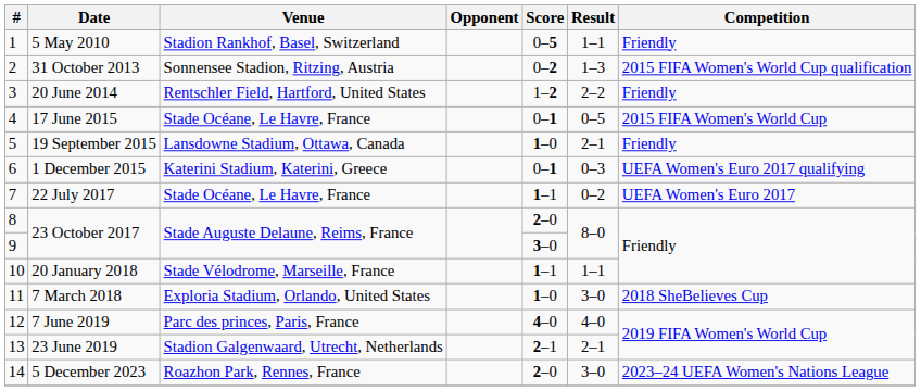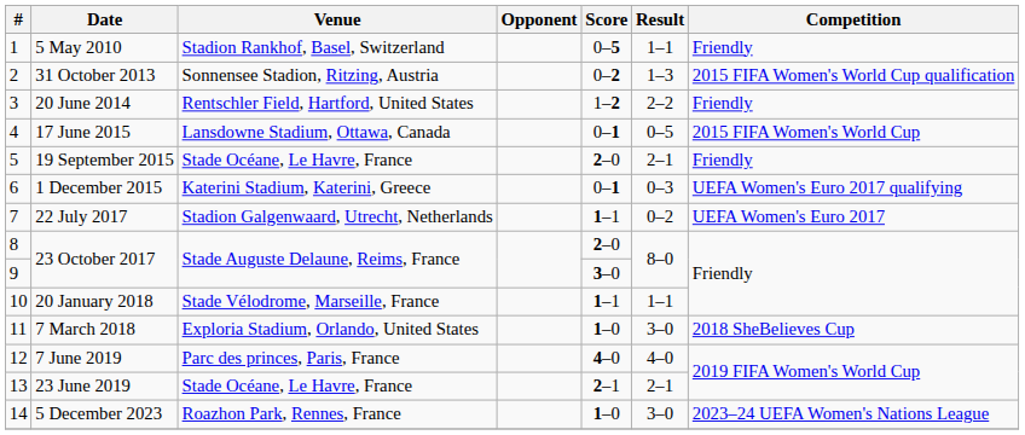 <table class="wikitable">
 <tr>
 <th>#</th>
 <th>Date</th>
 <th>Venue</th>
 <th>Opponent</th>
 <th>Score</th>
 <th>Result</th>
 <th>Competition</th>
 </tr>
 <tr>
 <td>1</td>
 <td>5 May 2010</td>
 <td><a href='#'>Stadion Rankhof</a>, <a href='#'>Basel</a>, Switzerland</td>
 <td></td>
 <td align="center">0–<strong>5</strong></td>
 <td align=center>1–1</td>
 <td><a href='#'>Friendly</a></td>
 </tr>
 <tr>
 <td>2</td>
 <td>31 October 2013</td>
 <td>Sonnensee Stadion, <a href='#'>Ritzing</a>, Austria</td>
 <td></td>
 <td align="center">0–<strong>2</strong></td>
 <td align="center">1–3</td>
 <td><a href='#'>2015 FIFA Women's World Cup qualification</a></td>
 </tr>
 <tr>
 <td>3</td>
 <td>20 June 2014</td>
 <td><a href='#'>Rentschler Field</a>, <a href='#'>Hartford</a>, United States</td>
 <td></td>
 <td align="center">1–<strong>2</strong></td>
 <td align="center">2–2</td>
 <td><a href='#'>Friendly</a></td>
 </tr>
 <tr>
 <td>4</td>
 <td>17 June 2015</td>
-<td><a href='#'>Stade Océane</a>, <a href='#'>Le Havre</a>, France</td>
+<td><a href='#'>Lansdowne Stadium</a>, <a href='#'>Ottawa</a>, Canada</td>
 <td></td>
 <td align="center">0–<strong>1</strong></td>
 <td align="center">0–5</td>
 <td><a href='#'>2015 FIFA Women's World Cup</a></td>
 </tr>
 <tr>
 <td>5</td>
 <td>19 September 2015</td>
-<td><a href='#'>Lansdowne Stadium</a>, <a href='#'>Ottawa</a>, Canada</td>
+<td><a href='#'>Stade Océane</a>, <a href='#'>Le Havre</a>, France</td>
 <td></td>
-<td align=center><strong>1</strong>–0</td>
+<td align=center><strong>2</strong>–0</td>
 <td align=center>2–1</td>
 <td><a href='#'>Friendly</a></td>
 </tr>
 <tr>
 <td>6</td>
 <td>1 December 2015</td>
 <td><a href='#'>Katerini Stadium</a>, <a href='#'>Katerini</a>, Greece</td>
 <td></td>
 <td align=center>0–<strong>1</strong></td>
 <td align=center>0–3</td>
 <td><a href='#'>UEFA Women's Euro 2017 qualifying</a></td>
 </tr>
 <tr>
 <td>7</td>
 <td>22 July 2017</td>
-<td><a href='#'>Stade Océane</a>, <a href='#'>Le Havre</a>, France</td>
+<td><a href='#'>Stadion Galgenwaard</a>, <a href='#'>Utrecht</a>, Netherlands</td>
 <td></td>
 <td align=center><strong>1</strong>–1</td>
 <td align="center">0–2</td>
 <td><a href='#'>UEFA Women's Euro 2017</a></td>
 </tr>
 <tr>
 <td>8</td>
 <td rowspan="2">23 October 2017</td>
 <td rowspan="2"><a href='#'>Stade Auguste Delaune</a>, <a href='#'>Reims</a>, France</td>
 <td rowspan="2"></td>
 <td align=center><strong>2</strong>–0</td>
 <td rowspan="2" align=center>8–0</td>
 <td rowspan="3">Friendly</td>
 </tr>
 <tr>
 <td>9</td>
 <td align=center><strong>3</strong>–0</td>
 </tr>
 <tr>
 <td>10</td>
 <td>20 January 2018</td>
 <td><a href='#'>Stade Vélodrome</a>, <a href='#'>Marseille</a>, France</td>
 <td></td>
 <td align=center><strong>1</strong>–1</td>
 <td align=center>1–1</td>
 </tr>
 <tr>
 <td>11</td>
 <td>7 March 2018</td>
 <td><a href='#'>Exploria Stadium</a>, <a href='#'>Orlando</a>, United States</td>
 <td></td>
 <td align=center><strong>1</strong>–0</td>
 <td align=center>3–0</td>
 <td><a href='#'>2018 SheBelieves Cup</a></td>
 </tr>
 <tr>
 <td>12</td>
 <td>7 June 2019</td>
 <td><a href='#'>Parc des princes</a>, <a href='#'>Paris</a>, France</td>
 <td></td>
 <td align=center><strong>4</strong>–0</td>
 <td align=center>4–0</td>
 <td rowspan=2><a href='#'>2019 FIFA Women's World Cup</a></td>
 </tr>
 <tr>
 <td>13</td>
 <td>23 June 2019</td>
-<td><a href='#'>Stadion Galgenwaard</a>, <a href='#'>Utrecht</a>, Netherlands</td>
+<td><a href='#'>Stade Océane</a>, <a href='#'>Le Havre</a>, France</td>
 <td></td>
 <td align=center><strong>2</strong>–1</td>
 <td align=center>2–1</td>
 </tr>
 <tr>
 <td>14</td>
 <td>5 December 2023</td>
 <td><a href='#'>Roazhon Park</a>, <a href='#'>Rennes</a>, France</td>
 <td></td>
-<td align=center><strong>2</strong>–0</td>
+<td align=center><strong>1</strong>–0</td>
 <td align=center>3–0</td>
 <td><a href='#'>2023–24 UEFA Women's Nations League</a></td>
 </tr>
 <tr>
 </tr>
 </table>
